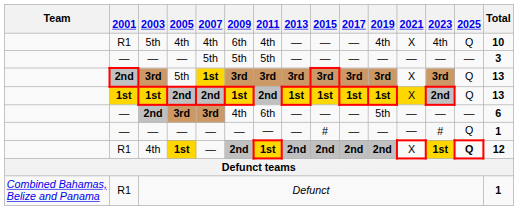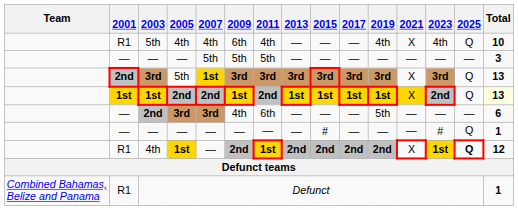 <table class="wikitable" style="text-align:center; font-size:100%">
 <tr>
 <th width=150>Team</th>
 <th><br><a href='#'>2001</a></th>
 <th><br><a href='#'>2003</a></th>
 <th><br><a href='#'>2005</a></th>
 <th><br><a href='#'>2007</a></th>
 <th><br><a href='#'>2009</a></th>
 <th><br><a href='#'>2011</a></th>
 <th><br><a href='#'>2013</a></th>
 <th><br><a href='#'>2015</a></th>
 <th><br><a href='#'>2017</a></th>
 <th><br><a href='#'>2019</a></th>
 <th><br><a href='#'>2021</a></th>
 <th><br><a href='#'>2023</a></th>
 <th><br><a href='#'>2025</a></th>
 <th>Total</th>
 </tr>
 <tr>
 <td align=left></td>
 <td>R1</td>
 <td>5th</td>
 <td>4th</td>
 <td>4th</td>
 <td>6th</td>
 <td>4th</td>
 <td>—</td>
 <td>—</td>
 <td>—</td>
 <td>4th</td>
 <td>X</td>
 <td>4th</td>
 <td>Q</td>
 <td><strong>10</strong></td>
 </tr>
 <tr>
 <td align="left"></td>
 <td>—</td>
 <td>—</td>
 <td>—</td>
 <td>5th</td>
 <td>5th</td>
 <td>5th</td>
 <td>—</td>
 <td>—</td>
 <td>—</td>
 <td>—</td>
 <td>—</td>
 <td>—</td>
 <td>—</td>
 <td><strong>3</strong></td>
 </tr>
 <tr>
 <td align="left"></td>
 <td style="border: 3px solid red" bgcolor="Silver"><strong>2nd</strong></td>
 <td bgcolor="#cc9966"><strong>3rd</strong></td>
 <td>5th</td>
 <td bgcolor="Gold"><strong>1st</strong></td>
 <td bgcolor="#cc9966"><strong>3rd</strong></td>
 <td bgcolor="#cc9966"><strong>3rd</strong></td>
 <td bgcolor="#cc9966"><strong>3rd</strong></td>
 <td style="border: 3px solid red" bgcolor="#cc9966"><strong>3rd</strong></td>
 <td bgcolor="#cc9966"><strong>3rd</strong></td>
 <td bgcolor="#cc9966"><strong>3rd</strong></td>
 <td>X</td>
 <td bgcolor="#cc9966"><strong>3rd</strong></td>
 <td>Q</td>
 <td><strong>13</strong></td>
 </tr>
 <tr>
 <td align="left"></td>
 <td bgcolor="Gold"><strong>1st</strong></td>
 <td style="border: 3px solid red" bgcolor="Gold"><strong>1st</strong></td>
 <td style="border: 3px solid red" bgcolor="Silver"><strong>2nd</strong></td>
 <td style="border: 3px solid red" bgcolor="Silver"><strong>2nd</strong></td>
 <td style="border: 3px solid red" bgcolor="Gold"><strong>1st</strong></td>
 <td bgcolor="Silver"><strong>2nd</strong></td>
 <td style="border: 3px solid red" bgcolor="Gold"><strong>1st</strong></td>
 <td bgcolor="Gold"><strong>1st</strong></td>
 <td style="border: 3px solid red" bgcolor="Gold"><strong>1st</strong></td>
 <td style="border: 3px solid red" bgcolor="Gold"><strong>1st</strong></td>
 <td bgcolor="Gold">X</td>
 <td style="border: 3px solid red" bgcolor="Silver"><strong>2nd</strong></td>
 <td>Q</td>
-<td><strong>13</strong></td>
+<td style="background: lightyellow;"><strong>13</strong></td>
 </tr>
 <tr>
 <td align="left"></td>
 <td>—</td>
 <td bgcolor="Silver"><strong>2nd</strong></td>
 <td bgcolor="#cc9966"><strong>3rd</strong></td>
 <td bgcolor="#cc9966"><strong>3rd</strong></td>
 <td>4th</td>
 <td>6th</td>
 <td>—</td>
 <td>—</td>
 <td>—</td>
 <td>5th</td>
 <td>—</td>
 <td>—</td>
 <td>—</td>
 <td><strong>6</strong></td>
 </tr>
 <tr>
 <td align="left"></td>
 <td>—</td>
 <td>—</td>
 <td>—</td>
 <td>—</td>
 <td>—</td>
 <td>—</td>
 <td>—</td>
 <td>#</td>
 <td>—</td>
 <td>—</td>
 <td>—</td>
 <td>#</td>
 <td>Q</td>
 <td><strong>1</strong></td>
 </tr>
 <tr>
 <td align="left"></td>
 <td>R1</td>
 <td>4th</td>
 <td bgcolor="Gold"><strong>1st</strong></td>
 <td>—</td>
 <td bgcolor="Silver"><strong>2nd</strong></td>
 <td style="border: 3px solid red" bgcolor="Gold"><strong>1st</strong></td>
 <td bgcolor="Silver"><strong>2nd</strong></td>
 <td bgcolor="Silver"><strong>2nd</strong></td>
 <td bgcolor="Silver"><strong>2nd</strong></td>
 <td bgcolor="Silver"><strong>2nd</strong></td>
 <td style="border: 3px solid red">X</td>
 <td bgcolor="Gold"><strong>1st</strong></td>
 <td style="border: 3px solid red"><strong>Q</strong></td>
 <td><strong>12</strong></td>
 </tr>
 <tr>
 <th colspan=15>Defunct teams</th>
 </tr>
 <tr>
 <td align=left> <em><a href='#'>Combined Bahamas, Belize and Panama</a></em></td>
 <td>R1</td>
 <td colspan="12"><em>Defunct</em></td>
 <td><strong>1</strong></td>
 </tr>
 </table>
